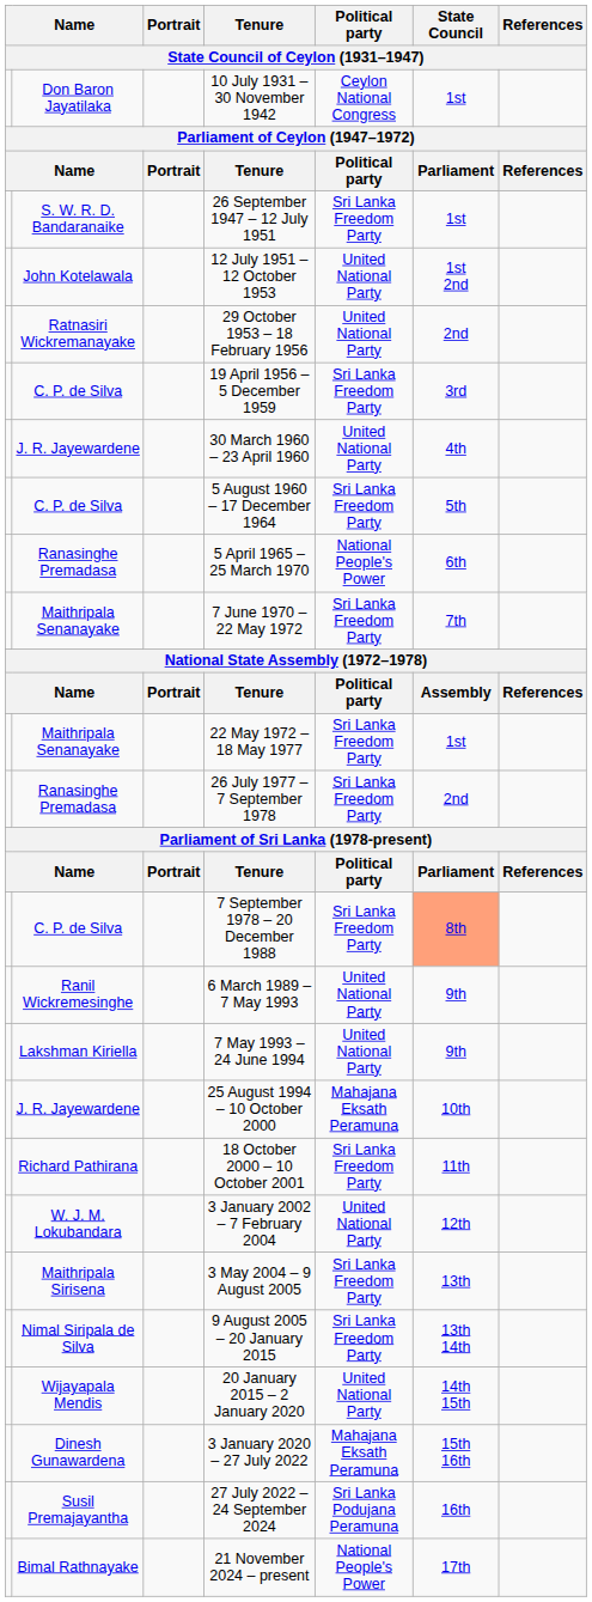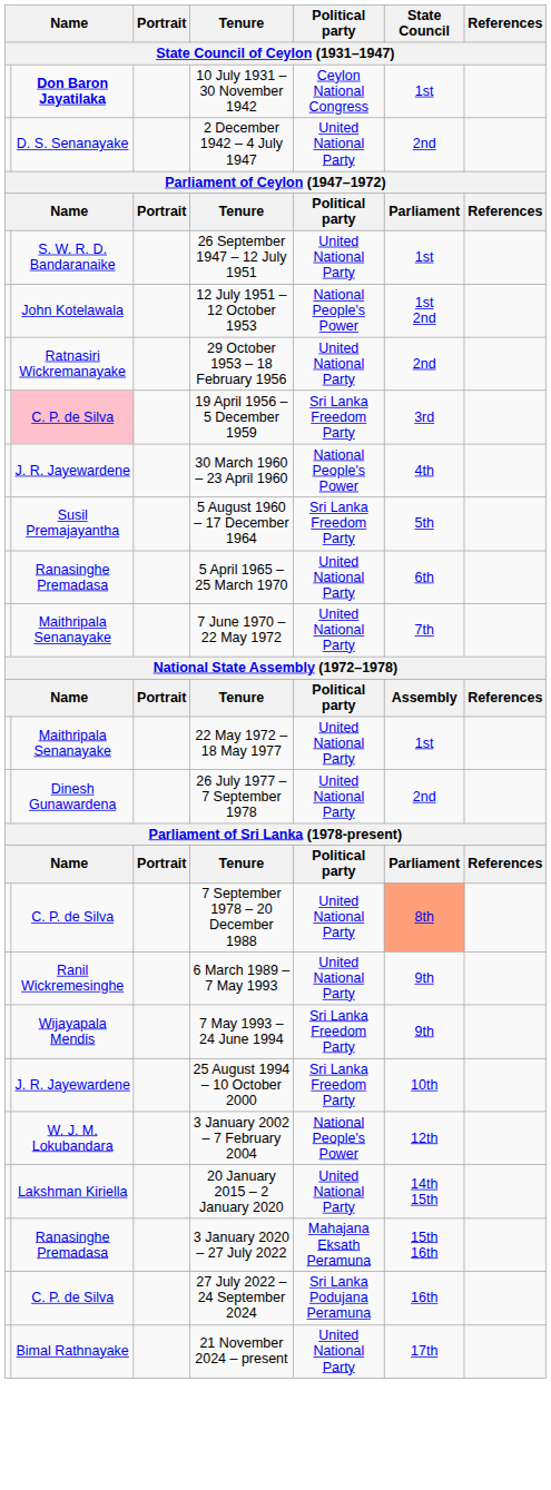 <table class="wikitable" style="margin:1em auto; font-size:100%; text-align:center;">
 <tr>
 <th colspan=2>Name</th>
 <th>Portrait</th>
 <th>Tenure</th>
 <th>Political party</th>
 <th>State Council</th>
 <th>References</th>
 </tr>
 <tr>
 <th colspan=7><a href='#'>State Council of Ceylon</a> (1931–1947)</th>
 </tr>
 <tr>
 <td !align="center" style="background:"></td>
-<td><a href='#'>Don Baron Jayatilaka</a></td>
+<td><strong><a href='#'>Don Baron Jayatilaka</a></strong></td>
 <td></td>
 <td>10 July 1931 – 30 November 1942</td>
 <td><a href='#'>Ceylon National Congress</a></td>
 <td><a href='#'>1st</a></td>
+<td></td>
+</tr>
+<tr>
+<td !align="center" style="background:"></td>
+<td><a href='#'>D. S. Senanayake</a></td>
+<td></td>
+<td>2 December 1942 – 4 July 1947</td>
+<td><a href='#'>United National Party</a></td>
+<td><a href='#'>2nd</a></td>
 <td></td>
 </tr>
 <tr>
 <th colspan=7><a href='#'>Parliament of Ceylon</a> (1947–1972)</th>
 </tr>
 <tr>
 <th colspan=2>Name</th>
 <th>Portrait</th>
 <th>Tenure</th>
 <th>Political party</th>
 <th>Parliament</th>
 <th>References</th>
 </tr>
 <tr>
 <td !align="center" style="background:"></td>
 <td><a href='#'>S. W. R. D. Bandaranaike</a></td>
 <td></td>
 <td>26 September 1947 – 12 July 1951</td>
-<td><a href='#'>Sri Lanka Freedom Party</a></td>
+<td><a href='#'>United National Party</a></td>
 <td><a href='#'>1st</a></td>
 <td></td>
 </tr>
 <tr>
 <td !align="center" style="background:"></td>
 <td><a href='#'>John Kotelawala</a></td>
 <td></td>
 <td>12 July 1951 – 12 October 1953</td>
-<td><a href='#'>United National Party</a></td>
+<td><a href='#'>National People's Power</a></td>
 <td><a href='#'>1st</a><br><a href='#'>2nd</a></td>
 <td></td>
 </tr>
 <tr>
 <td !align="center" style="background:"></td>
 <td><a href='#'>Ratnasiri Wickremanayake</a></td>
 <td></td>
 <td>29 October 1953 – 18 February 1956</td>
 <td><a href='#'>United National Party</a></td>
 <td><a href='#'>2nd</a></td>
 <td></td>
 </tr>
 <tr>
 <td !align="center" style="background:"></td>
-<td><a href='#'>C. P. de Silva</a></td>
+<td style="background: pink;"><a href='#'>C. P. de Silva</a></td>
 <td></td>
 <td>19 April 1956 – 5 December 1959</td>
 <td><a href='#'>Sri Lanka Freedom Party</a></td>
 <td><a href='#'>3rd</a></td>
 <td></td>
 </tr>
 <tr>
 <td !align="center" style="background:"></td>
 <td><a href='#'>J. R. Jayewardene</a></td>
 <td></td>
 <td>30 March 1960 – 23 April 1960</td>
-<td><a href='#'>United National Party</a></td>
+<td><a href='#'>National People's Power</a></td>
 <td><a href='#'>4th</a></td>
 <td></td>
 </tr>
 <tr>
 <td !align="center" style="background:"></td>
-<td><a href='#'>C. P. de Silva</a></td>
+<td><a href='#'>Susil Premajayantha</a></td>
 <td></td>
 <td>5 August 1960 – 17 December 1964</td>
 <td><a href='#'>Sri Lanka Freedom Party</a></td>
 <td><a href='#'>5th</a></td>
 <td></td>
 </tr>
 <tr>
 <td !align="centre" style="background:"></td>
 <td><a href='#'>Ranasinghe Premadasa</a></td>
 <td></td>
 <td>5 April 1965 – 25 March 1970</td>
-<td><a href='#'>National People's Power</a></td>
+<td><a href='#'>United National Party</a></td>
 <td><a href='#'>6th</a></td>
 <td></td>
 </tr>
 <tr>
 <td !align="center" style="background:"></td>
 <td><a href='#'>Maithripala Senanayake</a></td>
 <td></td>
 <td>7 June 1970 – 22 May 1972</td>
-<td><a href='#'>Sri Lanka Freedom Party</a></td>
+<td><a href='#'>United National Party</a></td>
 <td><a href='#'>7th</a></td>
 <td></td>
 </tr>
 <tr>
 <th colspan=7><a href='#'>National State Assembly</a> (1972–1978)</th>
 </tr>
 <tr>
 <th colspan=2>Name</th>
 <th>Portrait</th>
 <th>Tenure</th>
 <th>Political party</th>
 <th>Assembly</th>
 <th>References</th>
 </tr>
 <tr>
 <td !align="center" style="background:"></td>
 <td><a href='#'>Maithripala Senanayake</a></td>
 <td></td>
 <td>22 May 1972 – 18 May 1977</td>
-<td><a href='#'>Sri Lanka Freedom Party</a></td>
+<td><a href='#'>United National Party</a></td>
 <td><a href='#'>1st</a></td>
 <td></td>
 </tr>
 <tr>
 <td !align="center" style="background:"></td>
-<td><a href='#'>Ranasinghe Premadasa</a></td>
+<td><a href='#'>Dinesh Gunawardena</a></td>
 <td></td>
 <td>26 July 1977 – 7 September 1978</td>
-<td><a href='#'>Sri Lanka Freedom Party</a></td>
+<td><a href='#'>United National Party</a></td>
 <td><a href='#'>2nd</a></td>
 <td></td>
 </tr>
 <tr>
 <th colspan=7><a href='#'>Parliament of Sri Lanka</a> (1978-present)</th>
 </tr>
 <tr>
 <th colspan=2>Name</th>
 <th>Portrait</th>
 <th>Tenure</th>
 <th>Political party</th>
 <th>Parliament</th>
 <th>References</th>
 </tr>
 <tr>
 <td !align="center" style="background:"></td>
 <td><a href='#'>C. P. de Silva</a></td>
 <td></td>
 <td>7 September 1978 – 20 December 1988</td>
-<td><a href='#'>Sri Lanka Freedom Party</a></td>
+<td><a href='#'>United National Party</a></td>
 <td style="background: lightsalmon;"><a href='#'>8th</a></td>
 <td></td>
 </tr>
 <tr>
 <td !align="center" style="background:"></td>
 <td><a href='#'>Ranil Wickremesinghe</a></td>
 <td></td>
 <td>6 March 1989 – 7 May 1993</td>
 <td><a href='#'>United National Party</a></td>
 <td><a href='#'>9th</a></td>
 <td></td>
 </tr>
 <tr>
 <td !align="center" style="background:"></td>
-<td><a href='#'>Lakshman Kiriella</a></td>
+<td><a href='#'>Wijayapala Mendis</a></td>
 <td></td>
 <td>7 May 1993 – 24 June 1994</td>
-<td><a href='#'>United National Party</a></td>
+<td><a href='#'>Sri Lanka Freedom Party</a></td>
 <td><a href='#'>9th</a></td>
 <td></td>
 </tr>
 <tr>
 <td !align="center" style="background:"></td>
 <td><a href='#'>J. R. Jayewardene</a></td>
 <td></td>
 <td>25 August 1994 – 10 October 2000</td>
-<td><a href='#'>Mahajana Eksath Peramuna</a></td>
+<td><a href='#'>Sri Lanka Freedom Party</a></td>
 <td><a href='#'>10th</a></td>
-<td></td>
-</tr>
-<tr>
-<td !align="center" style="background:"></td>
-<td><a href='#'>Richard Pathirana</a></td>
-<td></td>
-<td>18 October 2000 – 10 October 2001</td>
-<td><a href='#'>Sri Lanka Freedom Party</a></td>
-<td><a href='#'>11th</a></td>
 <td></td>
 </tr>
 <tr>
 <td !align="center" style="background:"></td>
 <td><a href='#'>W. J. M. Lokubandara</a></td>
 <td></td>
 <td>3 January 2002 – 7 February 2004</td>
-<td><a href='#'>United National Party</a></td>
+<td><a href='#'>National People's Power</a></td>
 <td><a href='#'>12th</a></td>
 <td></td>
 </tr>
 <tr>
 <td !align="center" style="background:"></td>
-<td><a href='#'>Maithripala Sirisena</a></td>
-<td></td>
-<td>3 May 2004 – 9 August 2005</td>
-<td><a href='#'>Sri Lanka Freedom Party</a></td>
-<td><a href='#'>13th</a></td>
-<td></td>
-</tr>
-<tr>
-<td !align="center" style="background:"></td>
-<td><a href='#'>Nimal Siripala de Silva</a></td>
-<td></td>
-<td>9 August 2005 – 20 January 2015</td>
-<td><a href='#'>Sri Lanka Freedom Party</a></td>
-<td><a href='#'>13th</a><br><a href='#'>14th</a></td>
-<td></td>
-</tr>
-<tr>
-<td !align="center" style="background:"></td>
-<td><a href='#'>Wijayapala Mendis</a></td>
+<td><a href='#'>Lakshman Kiriella</a></td>
 <td></td>
 <td>20 January 2015 – 2 January 2020</td>
 <td><a href='#'>United National Party</a></td>
 <td><a href='#'>14th</a><br><a href='#'>15th</a></td>
 <td></td>
 </tr>
 <tr>
 <td !align="center" style="background:"></td>
-<td><a href='#'>Dinesh Gunawardena</a></td>
+<td><a href='#'>Ranasinghe Premadasa</a></td>
 <td></td>
 <td>3 January 2020 – 27 July 2022</td>
 <td><a href='#'>Mahajana Eksath Peramuna</a></td>
 <td><a href='#'>15th</a><br><a href='#'>16th</a></td>
 <td></td>
 </tr>
 <tr>
 <td !align="center" style="background:"></td>
-<td><a href='#'>Susil Premajayantha</a></td>
+<td><a href='#'>C. P. de Silva</a></td>
 <td></td>
 <td>27 July 2022 – 24 September 2024</td>
 <td><a href='#'>Sri Lanka Podujana Peramuna</a></td>
 <td><a href='#'>16th</a></td>
 <td></td>
 </tr>
 <tr>
 <td !align="center" style="background:"></td>
 <td><a href='#'>Bimal Rathnayake</a></td>
 <td></td>
 <td>21 November 2024 – present</td>
-<td><a href='#'>National People's Power</a></td>
+<td><a href='#'>United National Party</a></td>
 <td><a href='#'>17th</a></td>
 <td></td>
 </tr>
 </table>
